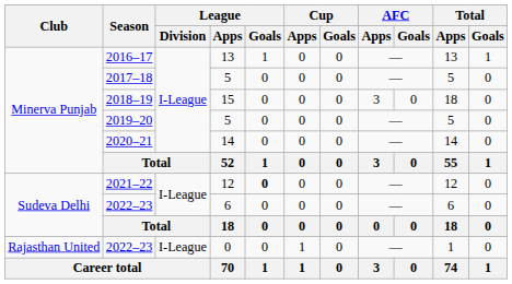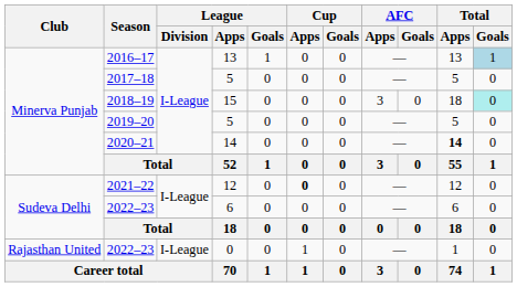 <table class="wikitable" style="text-align:center">
 <tr>
 <th rowspan="2">Club</th>
 <th rowspan="2">Season</th>
 <th colspan="3">League</th>
 <th colspan="2">Cup</th>
 <th colspan="2"><a href='#'>AFC</a></th>
 <th colspan="2">Total</th>
 </tr>
 <tr>
 <th>Division</th>
 <th>Apps</th>
 <th>Goals</th>
 <th>Apps</th>
 <th>Goals</th>
 <th>Apps</th>
 <th>Goals</th>
 <th>Apps</th>
 <th>Goals</th>
 </tr>
 <tr>
 <td rowspan="6"><a href='#'>Minerva Punjab</a></td>
 <td><a href='#'>2016–17</a></td>
 <td rowspan="5"><a href='#'>I-League</a></td>
 <td>13</td>
 <td>1</td>
 <td>0</td>
 <td>0</td>
 <td colspan="2">—</td>
 <td>13</td>
-<td>1</td>
+<td style="background: lightblue;">1</td>
 </tr>
 <tr>
 <td><a href='#'>2017–18</a></td>
 <td>5</td>
 <td>0</td>
 <td>0</td>
 <td>0</td>
 <td colspan="2">—</td>
 <td>5</td>
 <td>0</td>
 </tr>
 <tr>
 <td><a href='#'>2018–19</a></td>
 <td>15</td>
 <td>0</td>
 <td>0</td>
 <td>0</td>
 <td>3</td>
 <td>0</td>
 <td>18</td>
-<td>0</td>
+<td style="background: paleturquoise;">0</td>
 </tr>
 <tr>
 <td><a href='#'>2019–20</a></td>
 <td>5</td>
 <td>0</td>
 <td>0</td>
 <td>0</td>
 <td colspan="2">—</td>
 <td>5</td>
 <td>0</td>
 </tr>
 <tr>
 <td><a href='#'>2020–21</a></td>
 <td>14</td>
 <td>0</td>
 <td>0</td>
 <td>0</td>
 <td colspan="2">—</td>
-<td>14</td>
+<td><strong>14</strong></td>
 <td>0</td>
 </tr>
 <tr>
 <th colspan="2">Total</th>
 <th>52</th>
 <th>1</th>
 <th>0</th>
 <th>0</th>
 <th>3</th>
 <th>0</th>
 <th>55</th>
 <th>1</th>
 </tr>
 <tr>
 <td rowspan="3"><a href='#'>Sudeva Delhi</a></td>
 <td><a href='#'>2021–22</a></td>
 <td rowspan="2">I-League</td>
 <td>12</td>
+<td>0</td>
 <td><strong>0</strong></td>
-<td>0</td>
 <td>0</td>
 <td colspan="2">—</td>
 <td>12</td>
 <td>0</td>
 </tr>
 <tr>
 <td><a href='#'>2022–23</a></td>
 <td>6</td>
 <td>0</td>
 <td>0</td>
 <td>0</td>
 <td colspan="2">—</td>
 <td>6</td>
 <td>0</td>
 </tr>
 <tr>
 <th colspan="2">Total</th>
 <th>18</th>
 <th>0</th>
 <th>0</th>
 <th>0</th>
 <th>0</th>
 <th>0</th>
 <th>18</th>
 <th>0</th>
 </tr>
 <tr>
 <td rowspan="1"><a href='#'>Rajasthan United</a></td>
 <td><a href='#'>2022–23</a></td>
 <td rowspan="1">I-League</td>
 <td>0</td>
 <td>0</td>
 <td>1</td>
 <td>0</td>
 <td colspan="2">—</td>
 <td>1</td>
 <td>0</td>
 </tr>
 <tr>
 <th colspan="3">Career total</th>
 <th>70</th>
 <th>1</th>
 <th>1</th>
 <th>0</th>
 <th>3</th>
 <th>0</th>
 <th>74</th>
 <th>1</th>
 </tr>
 </table>
